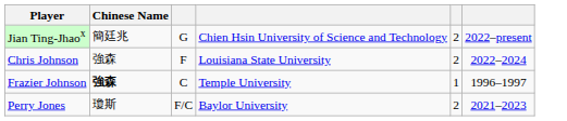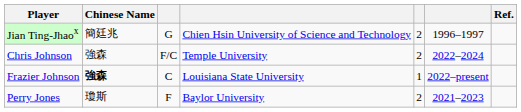 <table class="wikitable sortable" style="font-size:95%; text-align:left;">
 <tr>
 <th>Player</th>
 <th>Chinese Name</th>
 <th></th>
 <th></th>
 <th></th>
 <th></th>
+<th>Ref.</th>
 </tr>
 <tr>
 <td bgcolor="#CCFFCC">Jian Ting-Jhao<sup>x</sup></td>
 <td>簡廷兆</td>
 <td align="center">G</td>
 <td><a href='#'>Chien Hsin University of Science and Technology</a></td>
 <td align="center">2</td>
-<td align="center"><a href='#'>2022</a>–<a href='#'>present</a></td>
+<td align="center">1996–1997</td>
+<td></td>
 </tr>
 <tr>
 <td><a href='#'>Chris Johnson</a></td>
 <td>強森</td>
-<td align="center">F</td>
-<td><a href='#'>Louisiana State University</a></td>
+<td align="center">F/C</td>
+<td><a href='#'>Temple University</a></td>
 <td align="center">2</td>
 <td align="center"><a href='#'>2022</a>–<a href='#'>2024</a></td>
+<td></td>
 </tr>
 <tr>
 <td><a href='#'>Frazier Johnson</a></td>
 <td><strong>強森</strong></td>
 <td align="center">C</td>
-<td><a href='#'>Temple University</a></td>
+<td><a href='#'>Louisiana State University</a></td>
 <td align="center">1</td>
-<td align="center">1996–1997</td>
+<td align="center"><a href='#'>2022</a>–<a href='#'>present</a></td>
+<td></td>
 </tr>
 <tr>
 <td><a href='#'>Perry Jones</a></td>
 <td>瓊斯</td>
-<td align="center">F/C</td>
+<td align="center">F</td>
 <td><a href='#'>Baylor University</a></td>
 <td align="center">2</td>
 <td align="center"><a href='#'>2021</a>–<a href='#'>2023</a></td>
+<td></td>
 </tr>
 </table>
